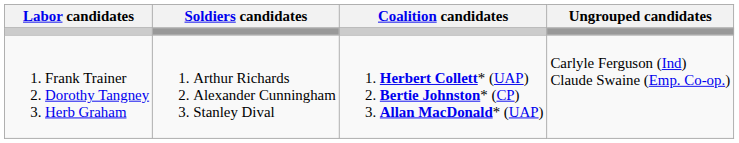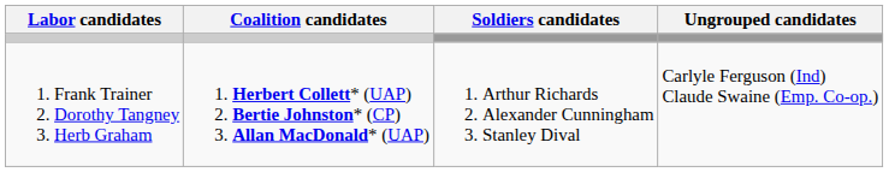 <table class="wikitable">
 <tr>
 <th><a href='#'>Labor</a> candidates</th>
+<th><a href='#'>Coalition</a> candidates</th>
 <th><a href='#'>Soldiers</a> candidates</th>
-<th><a href='#'>Coalition</a> candidates</th>
 <th>Ungrouped candidates</th>
 </tr>
 <tr bgcolor="#cccccc">
 <td></td>
+<td></td>
 <td bgcolor="#999999"></td>
-<td></td>
 <td bgcolor="#999999"></td>
 </tr>
 <tr>
 <td valign=top><br><ol><li>Frank Trainer</li><li><a href='#'>Dorothy Tangney</a></li><li><a href='#'>Herb Graham</a></li></ol></td>
+<td><br><ol><li><strong><a href='#'>Herbert Collett</a></strong>* (<a href='#'>UAP</a>)</li><li><strong><a href='#'>Bertie Johnston</a></strong>* (<a href='#'>CP</a>)</li><li><strong><a href='#'>Allan MacDonald</a></strong>* (<a href='#'>UAP</a>)</li></ol></td>
 <td valign=top><br><ol><li>Arthur Richards</li><li>Alexander Cunningham</li><li>Stanley Dival</li></ol></td>
-<td><br><ol><li><strong><a href='#'>Herbert Collett</a></strong>* (<a href='#'>UAP</a>)</li><li><strong><a href='#'>Bertie Johnston</a></strong>* (<a href='#'>CP</a>)</li><li><strong><a href='#'>Allan MacDonald</a></strong>* (<a href='#'>UAP</a>)</li></ol></td>
 <td valign=top><br>Carlyle Ferguson (<a href='#'>Ind</a>)<br> Claude Swaine (<a href='#'>Emp. Co-op.</a>)</td>
 </tr>
 </table>
